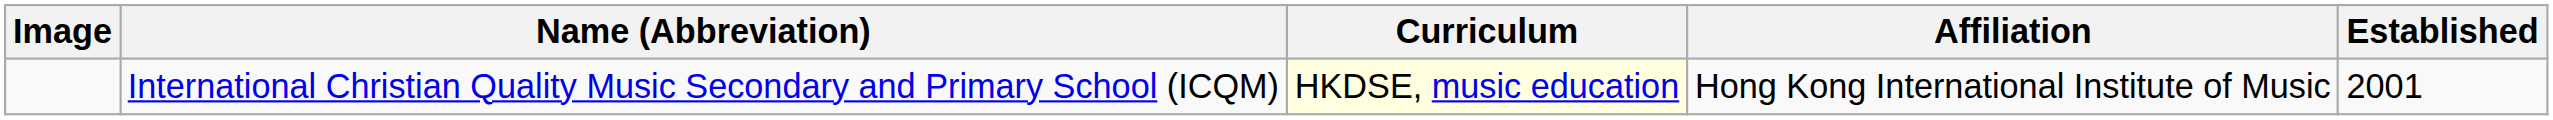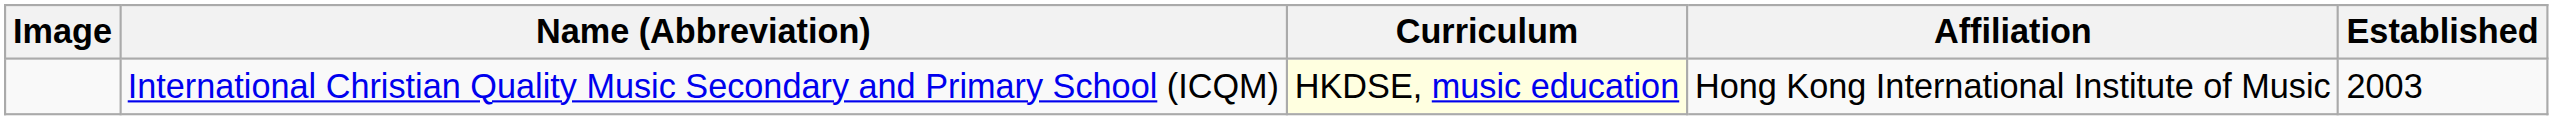 <table class="wikitable sortable">
 <tr>
 <th>Image</th>
 <th>Name (Abbreviation)</th>
 <th>Curriculum</th>
 <th>Affiliation</th>
 <th>Established</th>
 </tr>
 <tr>
 <td></td>
 <td><a href='#'>International Christian Quality Music Secondary and Primary School</a> (ICQM)</td>
 <td style="background: lightyellow;">HKDSE, <a href='#'>music education</a></td>
 <td>Hong Kong International Institute of Music</td>
-<td>2001</td>
+<td>2003</td>
 </tr>
 </table>
